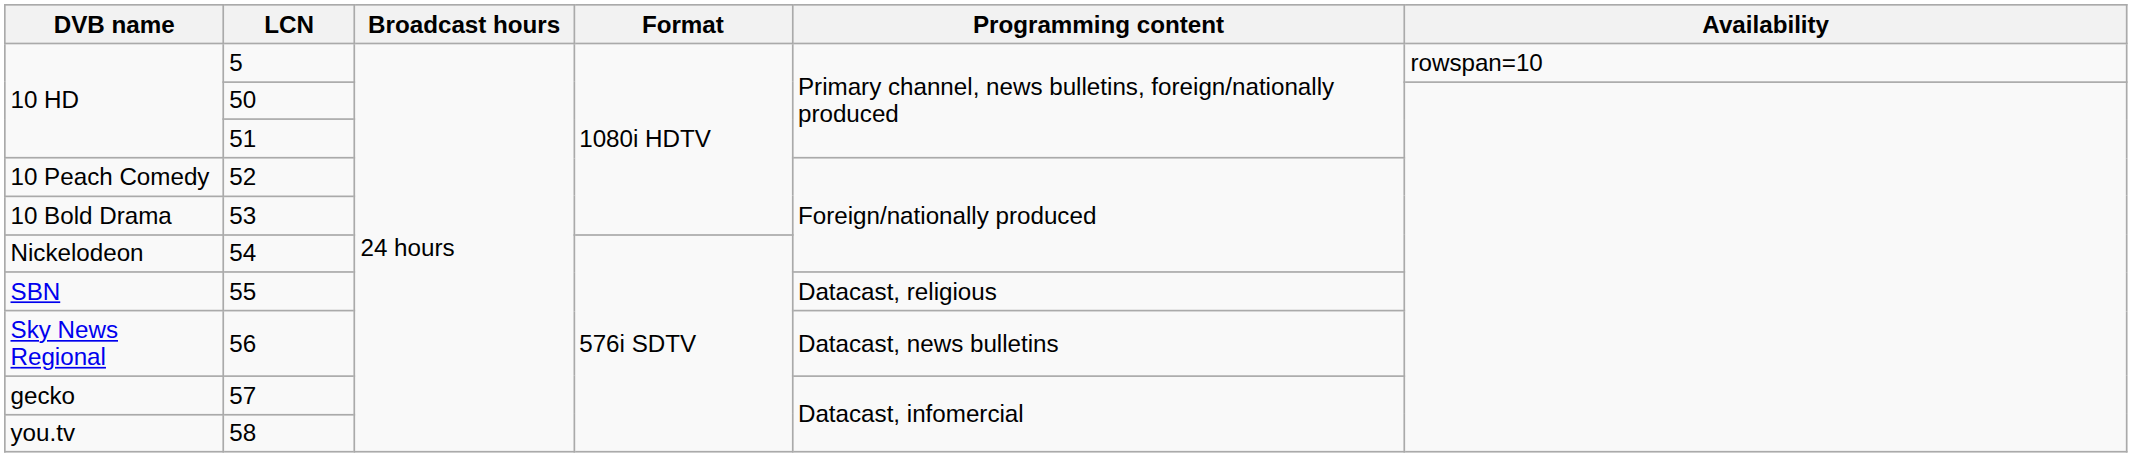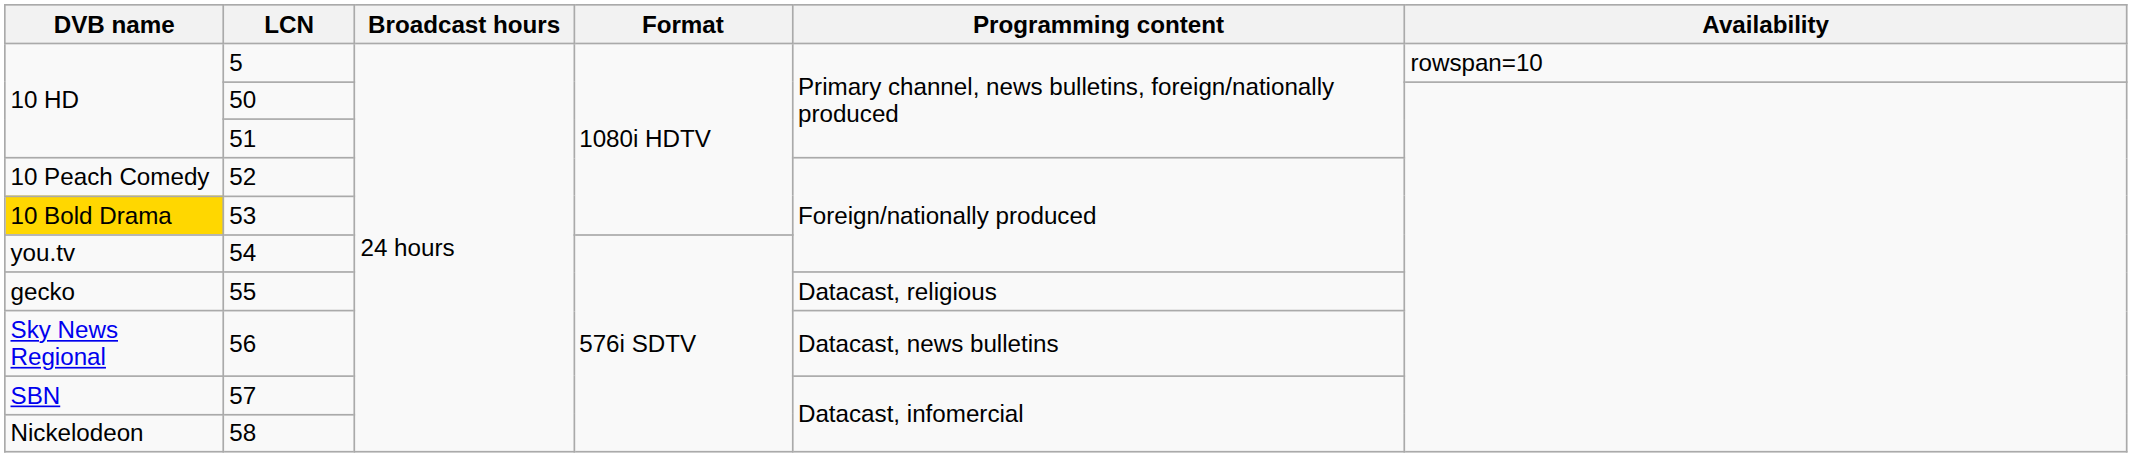 <table class="wikitable" style="font-size:90%; width:100%;">
 <tr>
 <th width="10%">DVB name</th>
 <th width="6%">LCN</th>
 <th width="10%">Broadcast hours</th>
 <th width="10%">Format</th>
 <th width="28%">Programming content</th>
 <th width="33%">Availability</th>
 </tr>
 <tr>
 <td rowspan=3>10 HD</td>
 <td>5</td>
 <td rowspan=10>24 hours</td>
 <td rowspan=5>1080i HDTV<br></td>
 <td rowspan=3>Primary channel, news bulletins, foreign/nationally produced </td>
 <td>rowspan=10 </td>
 </tr>
 <tr>
 <td>50</td>
 </tr>
 <tr>
 <td>51</td>
 </tr>
 <tr>
 <td>10 Peach Comedy</td>
 <td>52</td>
 <td rowspan=3>Foreign/nationally produced </td>
 </tr>
 <tr>
-<td>10 Bold Drama</td>
+<td style="background: gold;">10 Bold Drama</td>
 <td>53</td>
 </tr>
 <tr>
-<td>Nickelodeon</td>
+<td>you.tv</td>
 <td>54</td>
 <td rowspan=5>576i SDTV<br></td>
 </tr>
 <tr>
-<td><a href='#'>SBN</a></td>
+<td>gecko</td>
 <td>55</td>
 <td>Datacast, religious </td>
 </tr>
 <tr>
 <td><a href='#'>Sky News Regional</a></td>
 <td>56</td>
 <td>Datacast, news bulletins </td>
 </tr>
 <tr>
-<td>gecko</td>
+<td><a href='#'>SBN</a></td>
 <td>57</td>
 <td rowspan=2>Datacast, infomercial </td>
 </tr>
 <tr>
-<td>you.tv</td>
+<td>Nickelodeon</td>
 <td>58</td>
 </tr>
 </table>
